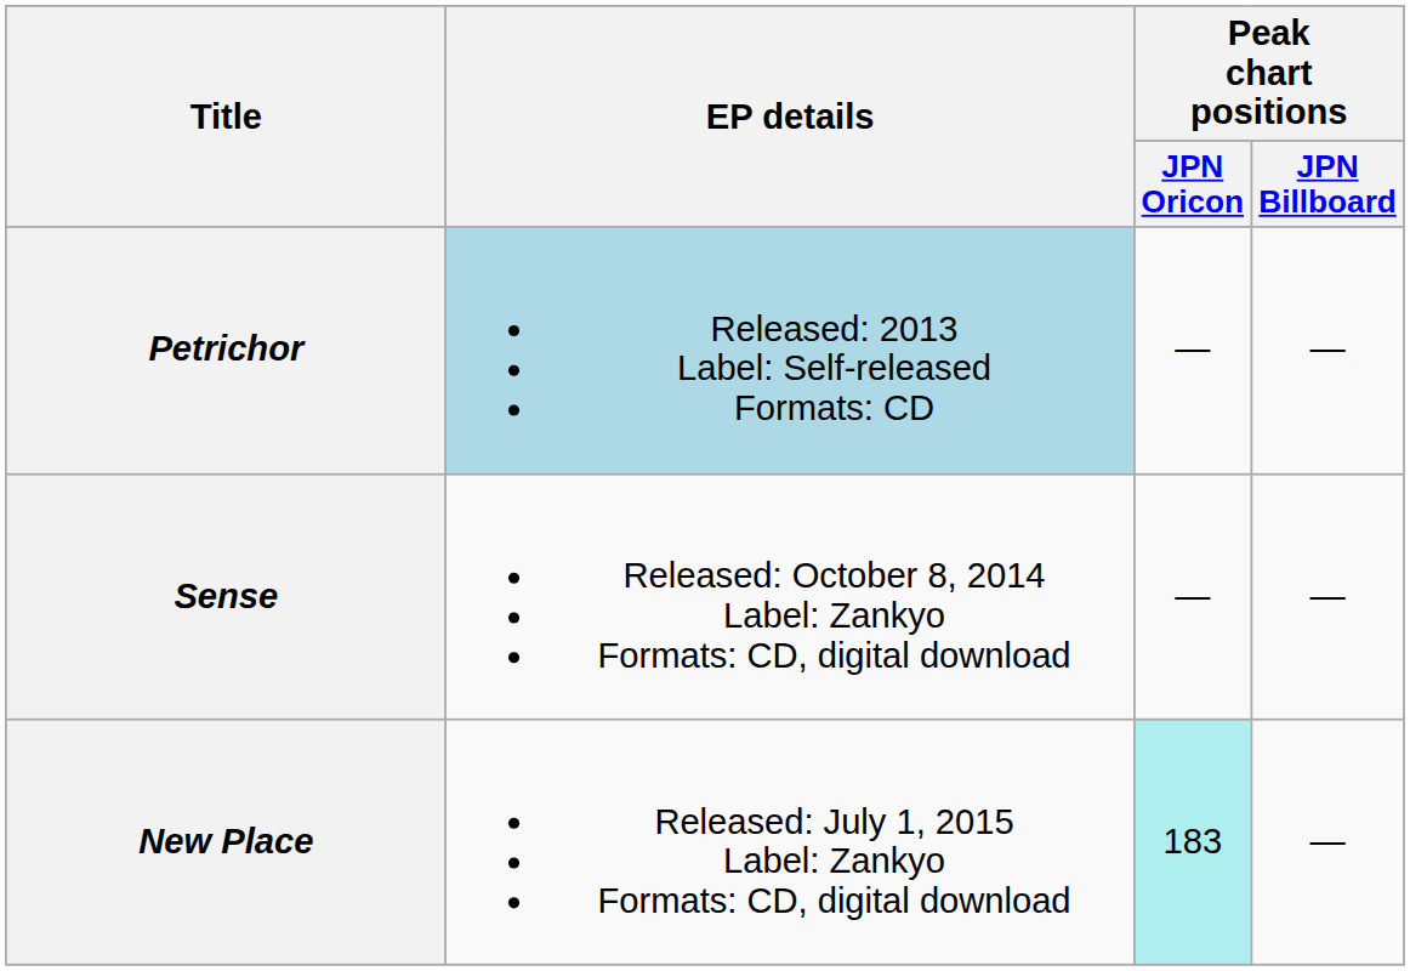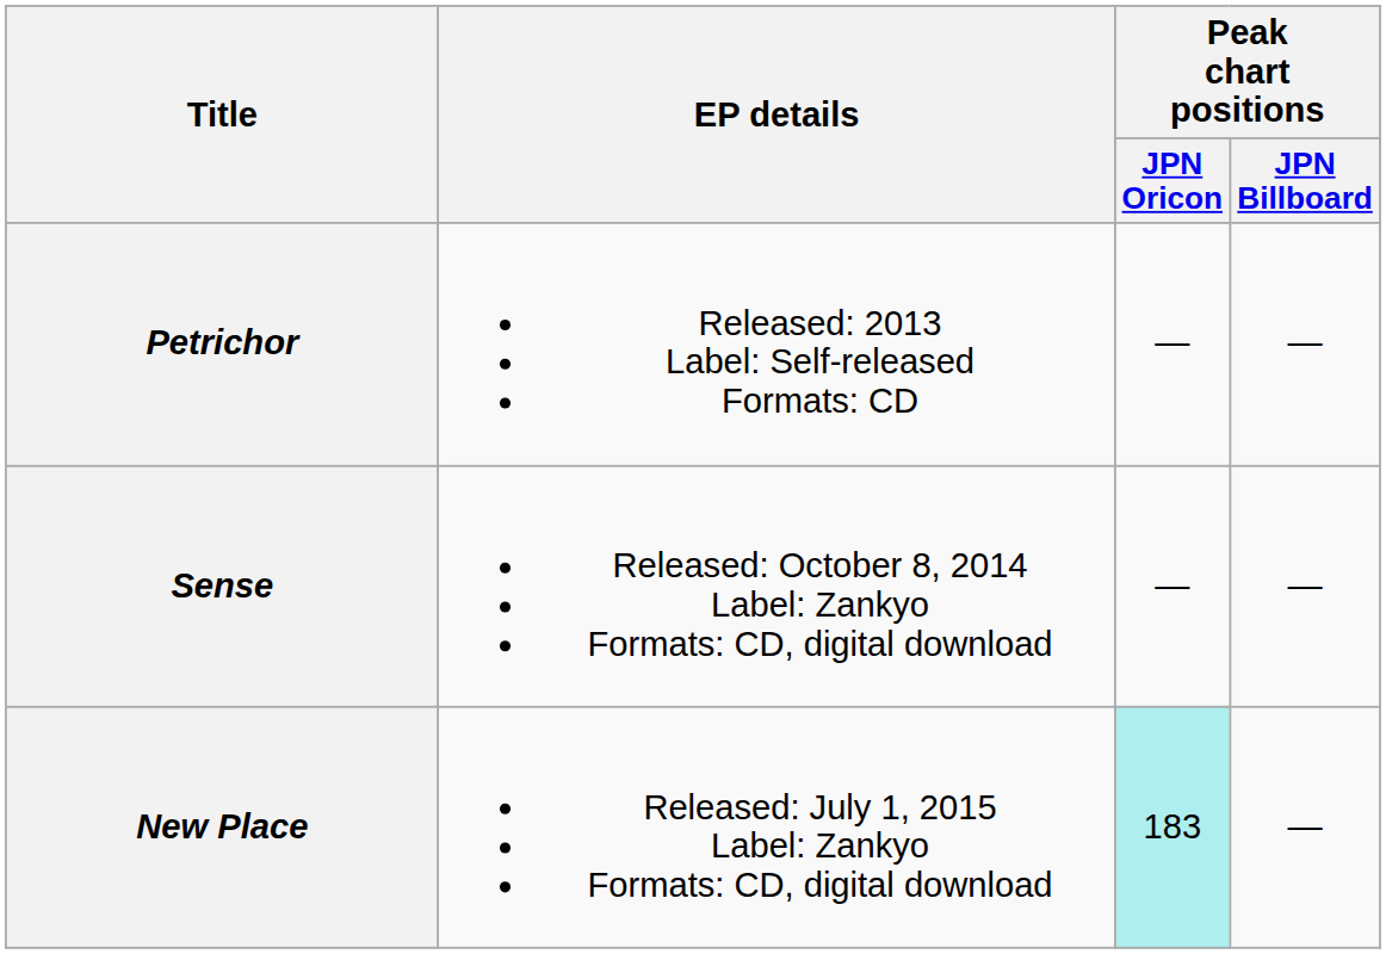 <table class="wikitable plainrowheaders" style="text-align:center;">
 <tr>
 <th scope="col" rowspan="2" style="width:12em;">Title</th>
 <th scope="col" rowspan="2" style="width:19em;">EP details</th>
 <th scope="col" colspan="2">Peak<br>chart<br>positions</th>
 </tr>
 <tr>
 <th scope="col" style="width:2.9em;font-size:90%;"><a href='#'>JPN<br>Oricon</a><br></th>
 <th scope="col" style="width:2.9em;font-size:90%;"><a href='#'>JPN<br>Billboard</a><br></th>
 </tr>
 <tr>
 <th scope="row"><em>Petrichor</em></th>
-<td style="background: lightblue;"><br><ul><li>Released: 2013</li><li>Label: Self-released</li><li>Formats: CD</li></ul></td>
+<td><br><ul><li>Released: 2013</li><li>Label: Self-released</li><li>Formats: CD</li></ul></td>
 <td>—</td>
 <td>—</td>
 </tr>
 <tr>
 <th scope="row"><em>Sense</em></th>
 <td><br><ul><li>Released: October 8, 2014</li><li>Label: Zankyo</li><li>Formats: CD, digital download</li></ul></td>
 <td>—</td>
 <td>—</td>
 </tr>
 <tr>
 <th scope="row"><em>New Place</em></th>
 <td><br><ul><li>Released: July 1, 2015</li><li>Label: Zankyo</li><li>Formats: CD, digital download</li></ul></td>
 <td style="background: paleturquoise;">183</td>
 <td>—</td>
 </tr>
 </table>
